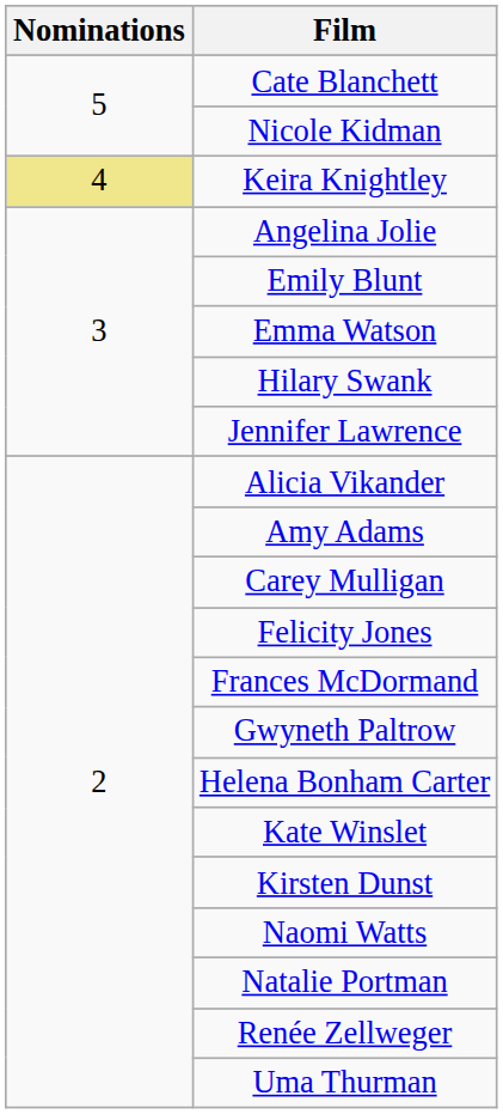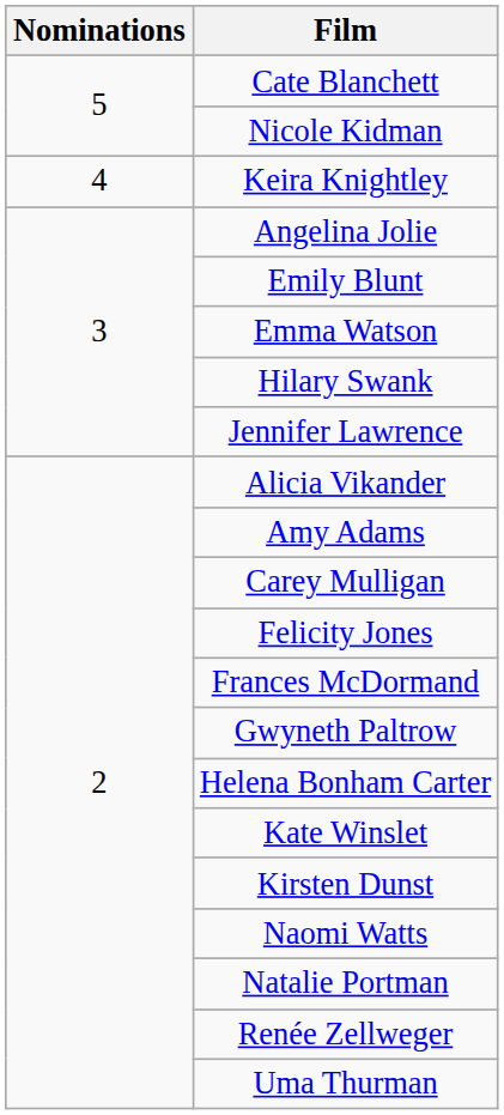 <table class="wikitable" style="text-align: center">
 <tr>
 <th scope="col" width="55">Nominations</th>
 <th scope="col">Film</th>
 </tr>
 <tr>
 <td rowspan=2>5</td>
 <td><a href='#'>Cate Blanchett</a></td>
 </tr>
 <tr>
 <td><a href='#'>Nicole Kidman</a></td>
 </tr>
 <tr>
-<td rowspan=1 style="background: khaki;">4</td>
+<td rowspan=1>4</td>
 <td><a href='#'>Keira Knightley</a></td>
 </tr>
 <tr>
 <td rowspan=5>3</td>
 <td><a href='#'>Angelina Jolie</a></td>
 </tr>
 <tr>
 <td><a href='#'>Emily Blunt</a></td>
 </tr>
 <tr>
 <td><a href='#'>Emma Watson</a></td>
 </tr>
 <tr>
 <td><a href='#'>Hilary Swank</a></td>
 </tr>
 <tr>
 <td><a href='#'>Jennifer Lawrence</a></td>
 </tr>
 <tr>
 <td rowspan=13>2</td>
 <td><a href='#'>Alicia Vikander</a></td>
 </tr>
 <tr>
 <td><a href='#'>Amy Adams</a></td>
 </tr>
 <tr>
 <td><a href='#'>Carey Mulligan</a></td>
 </tr>
 <tr>
 <td><a href='#'>Felicity Jones</a></td>
 </tr>
 <tr>
 <td><a href='#'>Frances McDormand</a></td>
 </tr>
 <tr>
 <td><a href='#'>Gwyneth Paltrow</a></td>
 </tr>
 <tr>
 <td><a href='#'>Helena Bonham Carter</a></td>
 </tr>
 <tr>
 <td><a href='#'>Kate Winslet</a></td>
 </tr>
 <tr>
 <td><a href='#'>Kirsten Dunst</a></td>
 </tr>
 <tr>
 <td><a href='#'>Naomi Watts</a></td>
 </tr>
 <tr>
 <td><a href='#'>Natalie Portman</a></td>
 </tr>
 <tr>
 <td><a href='#'>Renée Zellweger</a></td>
 </tr>
 <tr>
 <td><a href='#'>Uma Thurman</a></td>
 </tr>
 </table>
